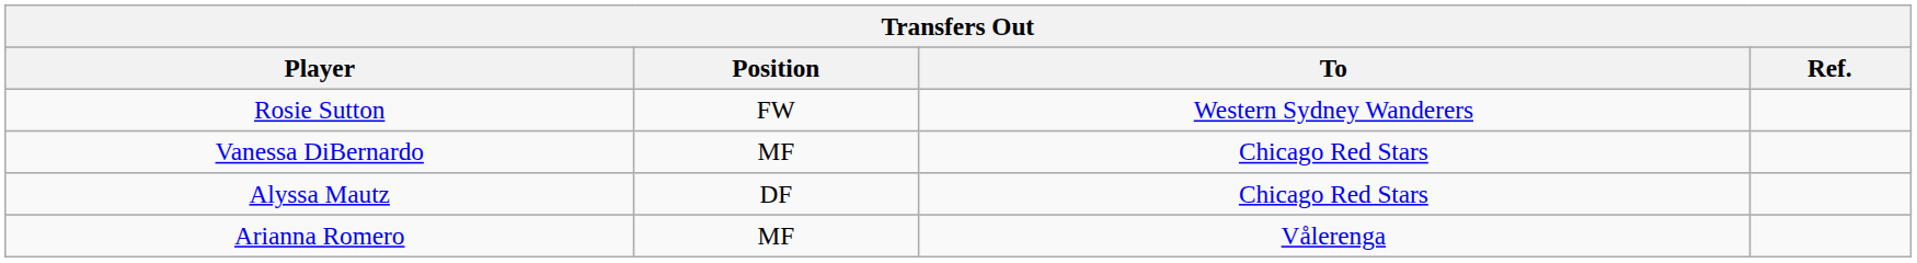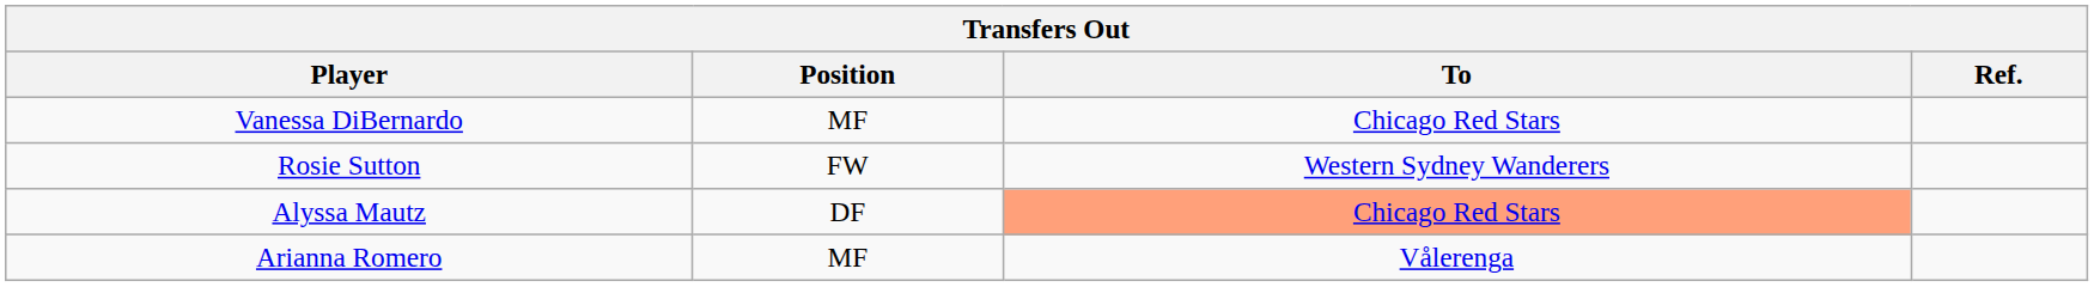 <table class="wikitable sortable collapsible collapsed" style="font-size:95%; text-align: center; width: 90%;">
 <tr>
 <th colspan="4" style="with: 100%;" align=center><strong>Transfers Out</strong></th>
 </tr>
 <tr>
 <th>Player</th>
 <th>Position</th>
 <th>To</th>
 <th>Ref.</th>
 </tr>
 <tr>
+<td> <a href='#'>Vanessa DiBernardo</a></td>
+<td>MF</td>
+<td> <a href='#'>Chicago Red Stars</a></td>
+<td></td>
+</tr>
+<tr>
 <td> <a href='#'>Rosie Sutton</a></td>
 <td>FW</td>
 <td><a href='#'>Western Sydney Wanderers</a></td>
 <td></td>
 </tr>
 <tr>
-<td> <a href='#'>Vanessa DiBernardo</a></td>
-<td>MF</td>
-<td> <a href='#'>Chicago Red Stars</a></td>
-<td></td>
-</tr>
-<tr>
 <td> <a href='#'>Alyssa Mautz</a></td>
 <td>DF</td>
-<td> <a href='#'>Chicago Red Stars</a></td>
+<td style="background: lightsalmon;"> <a href='#'>Chicago Red Stars</a></td>
 <td></td>
 </tr>
 <tr>
 <td> <a href='#'>Arianna Romero</a></td>
 <td>MF</td>
 <td> <a href='#'>Vålerenga</a></td>
 <td></td>
 </tr>
 </table>
